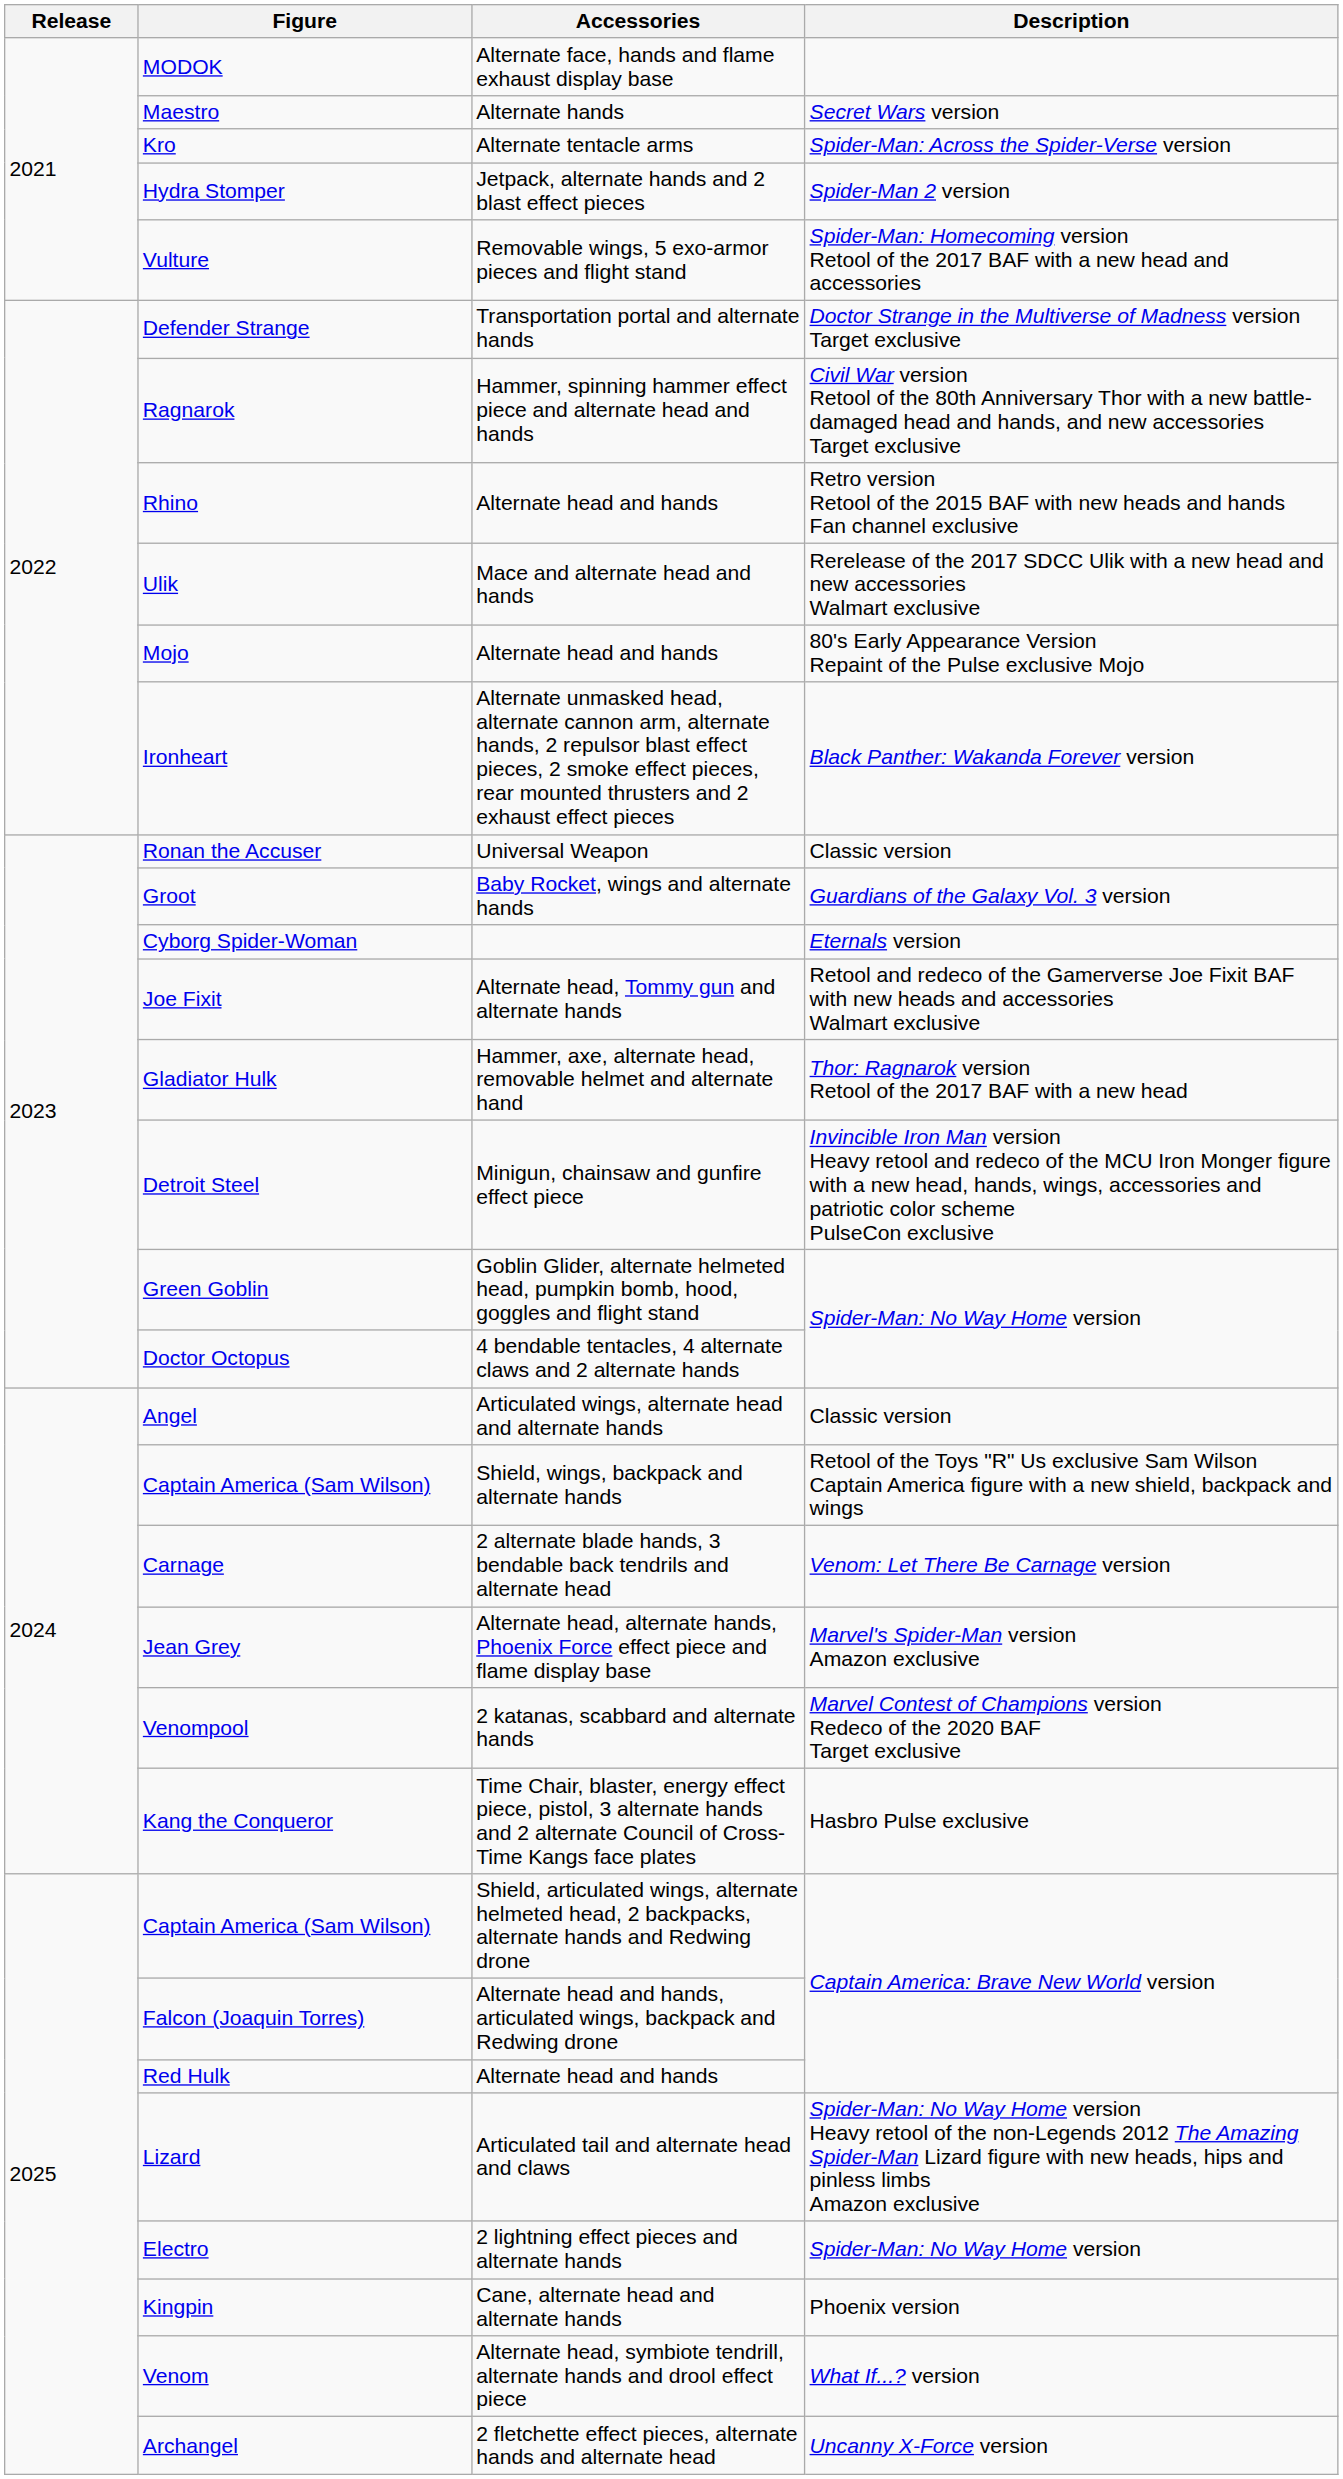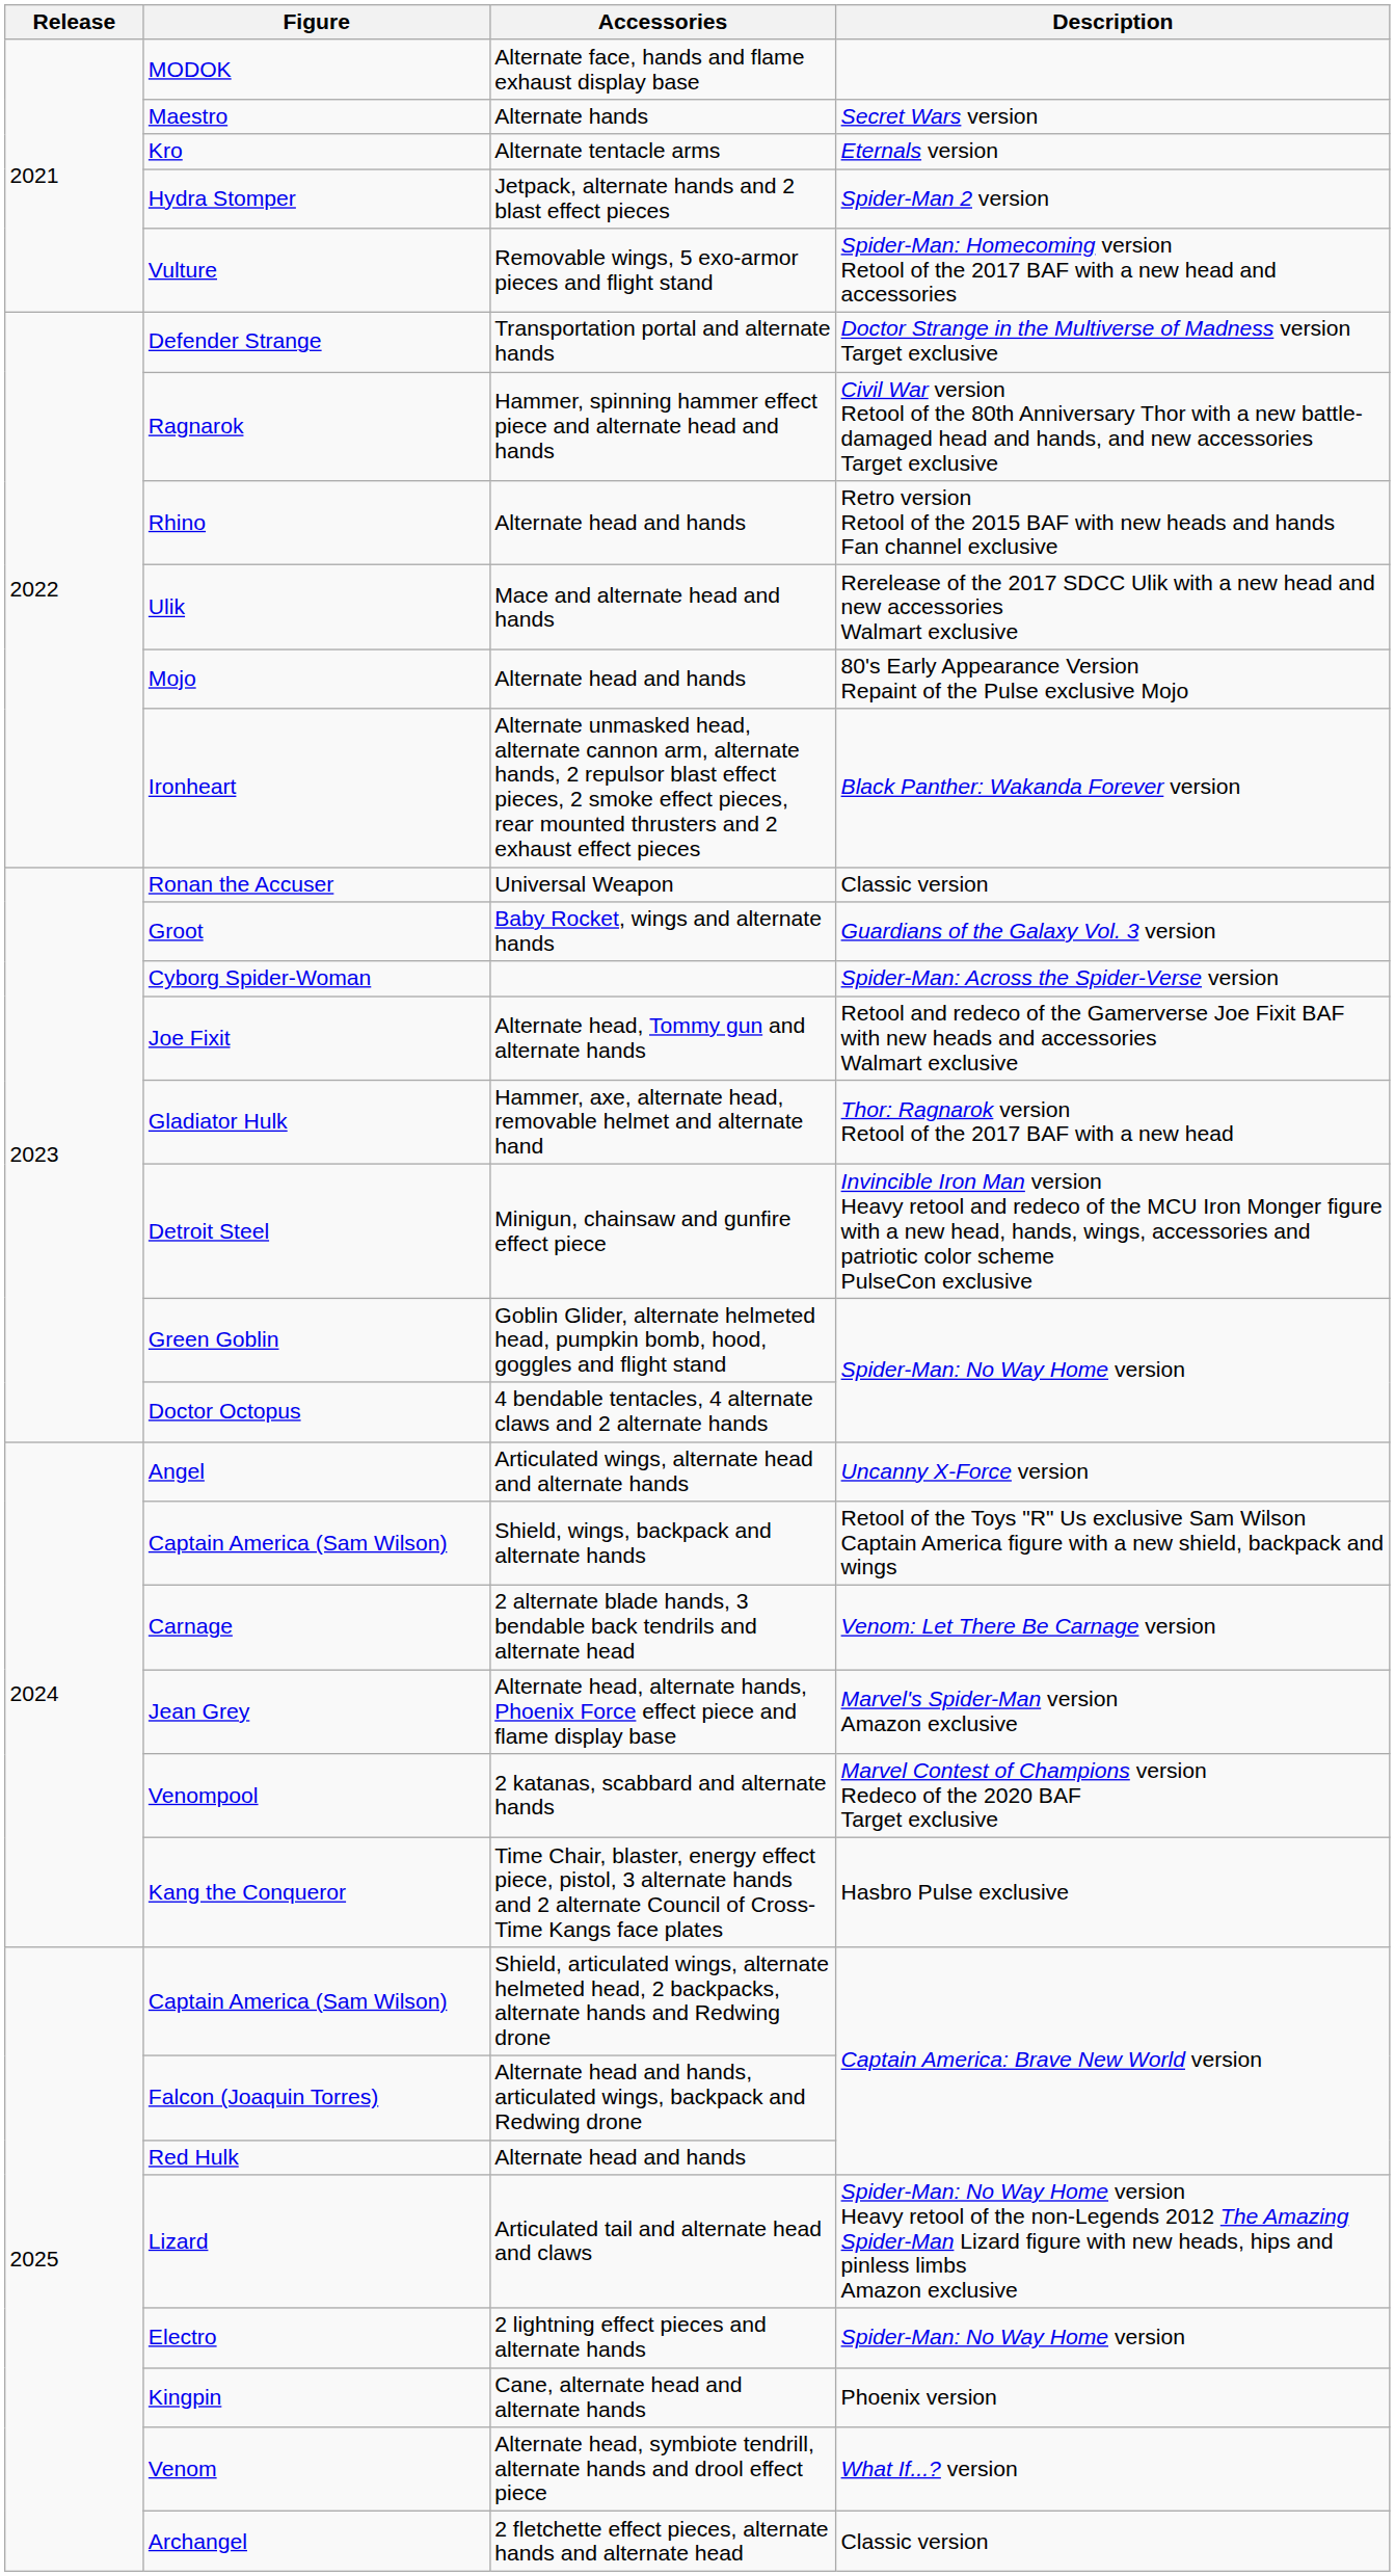 <table class="wikitable" style="width:80%;">
 <tr>
 <th width=10%>Release</th>
 <th width=25%>Figure</th>
 <th width=25%>Accessories</th>
 <th width=40%>Description</th>
 </tr>
 <tr>
 <td rowspan=5>2021</td>
 <td><a href='#'>MODOK</a></td>
 <td>Alternate face, hands and flame exhaust display base</td>
 <td></td>
 </tr>
 <tr>
 <td><a href='#'>Maestro</a></td>
 <td>Alternate hands</td>
 <td><em><a href='#'>Secret Wars</a></em> version</td>
 </tr>
 <tr>
 <td><a href='#'>Kro</a></td>
 <td>Alternate tentacle arms</td>
-<td><em><a href='#'>Spider-Man: Across the Spider-Verse</a></em> version</td>
+<td><em><a href='#'>Eternals</a></em> version</td>
 </tr>
 <tr>
 <td><a href='#'>Hydra Stomper</a></td>
 <td>Jetpack, alternate hands and 2 blast effect pieces</td>
 <td><em><a href='#'>Spider-Man 2</a></em> version</td>
 </tr>
 <tr>
 <td><a href='#'>Vulture</a></td>
 <td>Removable wings, 5 exo-armor pieces and flight stand</td>
 <td><em><a href='#'>Spider-Man: Homecoming</a></em> version<br>Retool of the 2017 BAF with a new head and accessories</td>
 </tr>
 <tr>
 <td rowspan=6>2022</td>
 <td><a href='#'>Defender Strange</a></td>
 <td>Transportation portal and alternate hands</td>
 <td><em><a href='#'>Doctor Strange in the Multiverse of Madness</a></em> version<br>Target exclusive</td>
 </tr>
 <tr>
 <td><a href='#'>Ragnarok</a></td>
 <td>Hammer, spinning hammer effect piece and alternate head and hands</td>
 <td><em><a href='#'>Civil War</a></em> version<br>Retool of the 80th Anniversary Thor with a new battle-damaged head and hands, and new accessories<br>Target exclusive</td>
 </tr>
 <tr>
 <td><a href='#'>Rhino</a></td>
 <td>Alternate head and hands</td>
 <td>Retro version<br>Retool of the 2015 BAF with new heads and hands<br>Fan channel exclusive</td>
 </tr>
 <tr>
 <td><a href='#'>Ulik</a></td>
 <td>Mace and alternate head and hands</td>
 <td>Rerelease of the 2017 SDCC Ulik with a new head and new accessories<br>Walmart exclusive</td>
 </tr>
 <tr>
 <td><a href='#'>Mojo</a></td>
 <td>Alternate head and hands</td>
 <td>80's Early Appearance Version<br>Repaint of the Pulse exclusive Mojo</td>
 </tr>
 <tr>
 <td><a href='#'>Ironheart</a></td>
 <td>Alternate unmasked head, alternate cannon arm, alternate hands, 2 repulsor blast effect pieces, 2 smoke effect pieces, rear mounted thrusters and 2 exhaust effect pieces</td>
 <td><em><a href='#'>Black Panther: Wakanda Forever</a></em> version</td>
 </tr>
 <tr>
 <td rowspan=8>2023</td>
 <td><a href='#'>Ronan the Accuser</a></td>
 <td>Universal Weapon</td>
 <td>Classic version</td>
 </tr>
 <tr>
 <td><a href='#'>Groot</a></td>
 <td><a href='#'>Baby Rocket</a>, wings and alternate hands</td>
 <td><em><a href='#'>Guardians of the Galaxy Vol. 3</a></em> version</td>
 </tr>
 <tr>
 <td><a href='#'>Cyborg Spider-Woman</a></td>
 <td></td>
-<td><em><a href='#'>Eternals</a></em> version</td>
+<td><em><a href='#'>Spider-Man: Across the Spider-Verse</a></em> version</td>
 </tr>
 <tr>
 <td><a href='#'>Joe Fixit</a></td>
 <td>Alternate head, <a href='#'>Tommy gun</a> and alternate hands</td>
 <td>Retool and redeco of the Gamerverse Joe Fixit BAF with new heads and accessories<br>Walmart exclusive</td>
 </tr>
 <tr>
 <td><a href='#'>Gladiator Hulk</a></td>
 <td>Hammer, axe, alternate head, removable helmet and alternate hand</td>
 <td><em><a href='#'>Thor: Ragnarok</a></em> version<br>Retool of the 2017 BAF with a new head</td>
 </tr>
 <tr>
 <td><a href='#'>Detroit Steel</a></td>
 <td>Minigun, chainsaw and gunfire effect piece</td>
 <td><em><a href='#'>Invincible Iron Man</a></em> version<br>Heavy retool and redeco of the MCU Iron Monger figure with a new head, hands, wings, accessories and patriotic color scheme<br>PulseCon exclusive</td>
 </tr>
 <tr>
 <td><a href='#'>Green Goblin</a></td>
 <td>Goblin Glider, alternate helmeted head, pumpkin bomb, hood, goggles and flight stand</td>
 <td rowspan=2><em><a href='#'>Spider-Man: No Way Home</a></em> version</td>
 </tr>
 <tr>
 <td><a href='#'>Doctor Octopus</a></td>
 <td>4 bendable tentacles, 4 alternate claws and 2 alternate hands</td>
 </tr>
 <tr>
 <td rowspan=6>2024</td>
 <td><a href='#'>Angel</a></td>
 <td>Articulated wings, alternate head and alternate hands</td>
-<td>Classic version</td>
+<td><em><a href='#'>Uncanny X-Force</a></em> version</td>
 </tr>
 <tr>
 <td><a href='#'>Captain America (Sam Wilson)</a></td>
 <td>Shield, wings, backpack and alternate hands</td>
 <td>Retool of the Toys "R" Us exclusive Sam Wilson Captain America figure with a new shield, backpack and wings</td>
 </tr>
 <tr>
 <td><a href='#'>Carnage</a></td>
 <td>2 alternate blade hands, 3 bendable back tendrils and alternate head</td>
 <td><em><a href='#'>Venom: Let There Be Carnage</a></em> version</td>
 </tr>
 <tr>
 <td><a href='#'>Jean Grey</a></td>
 <td>Alternate head, alternate hands, <a href='#'>Phoenix Force</a> effect piece and flame display base</td>
 <td><em><a href='#'>Marvel's Spider-Man</a></em> version<br>Amazon exclusive</td>
 </tr>
 <tr>
 <td><a href='#'>Venompool</a></td>
 <td>2 katanas, scabbard and alternate hands</td>
 <td><em><a href='#'>Marvel Contest of Champions</a></em> version<br>Redeco of the 2020 BAF<br>Target exclusive</td>
 </tr>
 <tr>
 <td><a href='#'>Kang the Conqueror</a></td>
 <td>Time Chair, blaster, energy effect piece, pistol, 3 alternate hands and 2 alternate Council of Cross-Time Kangs face plates</td>
 <td>Hasbro Pulse exclusive</td>
 </tr>
 <tr>
 <td rowspan=8>2025</td>
 <td><a href='#'>Captain America (Sam Wilson)</a></td>
 <td>Shield, articulated wings, alternate helmeted head, 2 backpacks, alternate hands and Redwing drone</td>
 <td rowspan=3><em><a href='#'>Captain America: Brave New World</a></em> version</td>
 </tr>
 <tr>
 <td><a href='#'>Falcon (Joaquin Torres)</a></td>
 <td>Alternate head and hands, articulated wings, backpack and Redwing drone</td>
 </tr>
 <tr>
 <td><a href='#'>Red Hulk</a></td>
 <td>Alternate head and hands</td>
 </tr>
 <tr>
 <td><a href='#'>Lizard</a></td>
 <td>Articulated tail and alternate head and claws</td>
 <td><em><a href='#'>Spider-Man: No Way Home</a></em> version<br>Heavy retool of the non-Legends 2012 <em><a href='#'>The Amazing Spider-Man</a></em> Lizard figure with new heads, hips and pinless limbs<br>Amazon exclusive</td>
 </tr>
 <tr>
 <td><a href='#'>Electro</a></td>
 <td>2 lightning effect pieces and alternate hands</td>
 <td><em><a href='#'>Spider-Man: No Way Home</a></em> version</td>
 </tr>
 <tr>
 <td><a href='#'>Kingpin</a></td>
 <td>Cane, alternate head and alternate hands</td>
 <td>Phoenix version</td>
 </tr>
 <tr>
 <td><a href='#'>Venom</a></td>
 <td>Alternate head, symbiote tendrill, alternate hands and drool effect piece</td>
 <td><em><a href='#'>What If...?</a></em> version</td>
 </tr>
 <tr>
 <td><a href='#'>Archangel</a></td>
 <td>2 fletchette effect pieces, alternate hands and alternate head</td>
-<td><em><a href='#'>Uncanny X-Force</a></em> version</td>
+<td>Classic version</td>
 </tr>
 </table>
